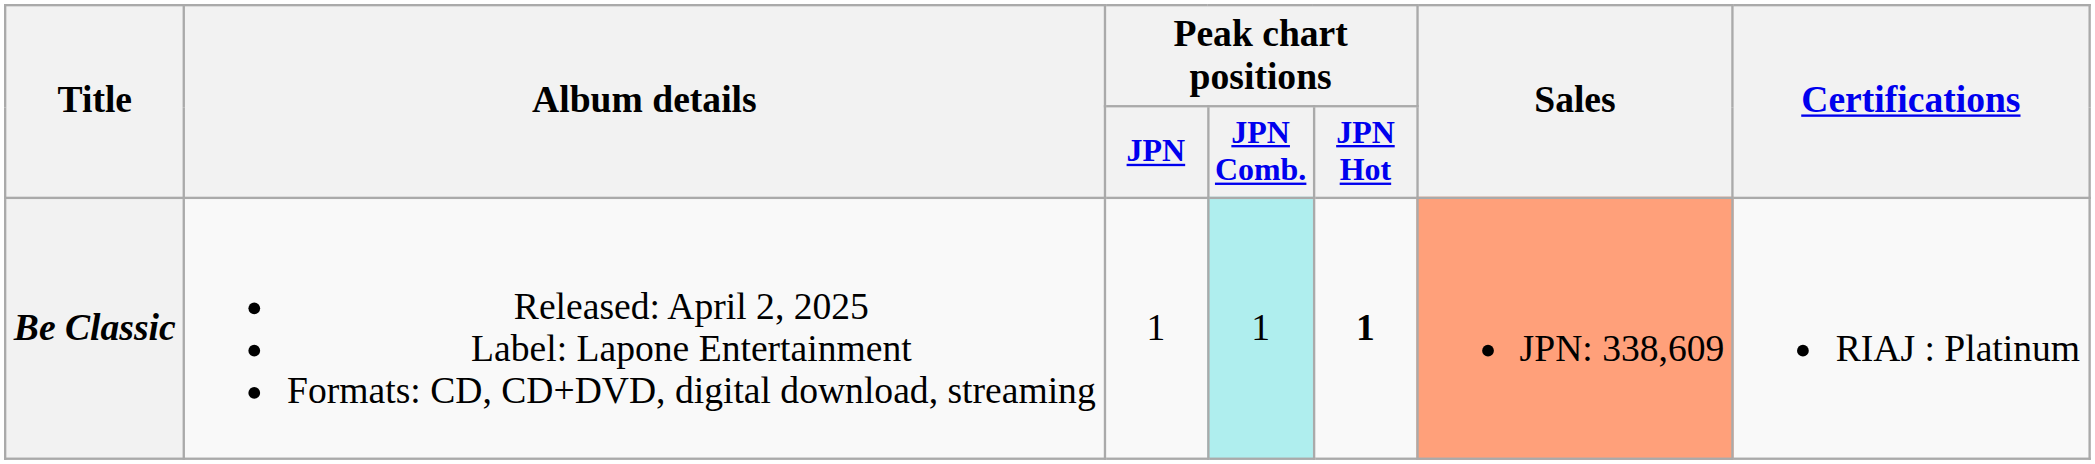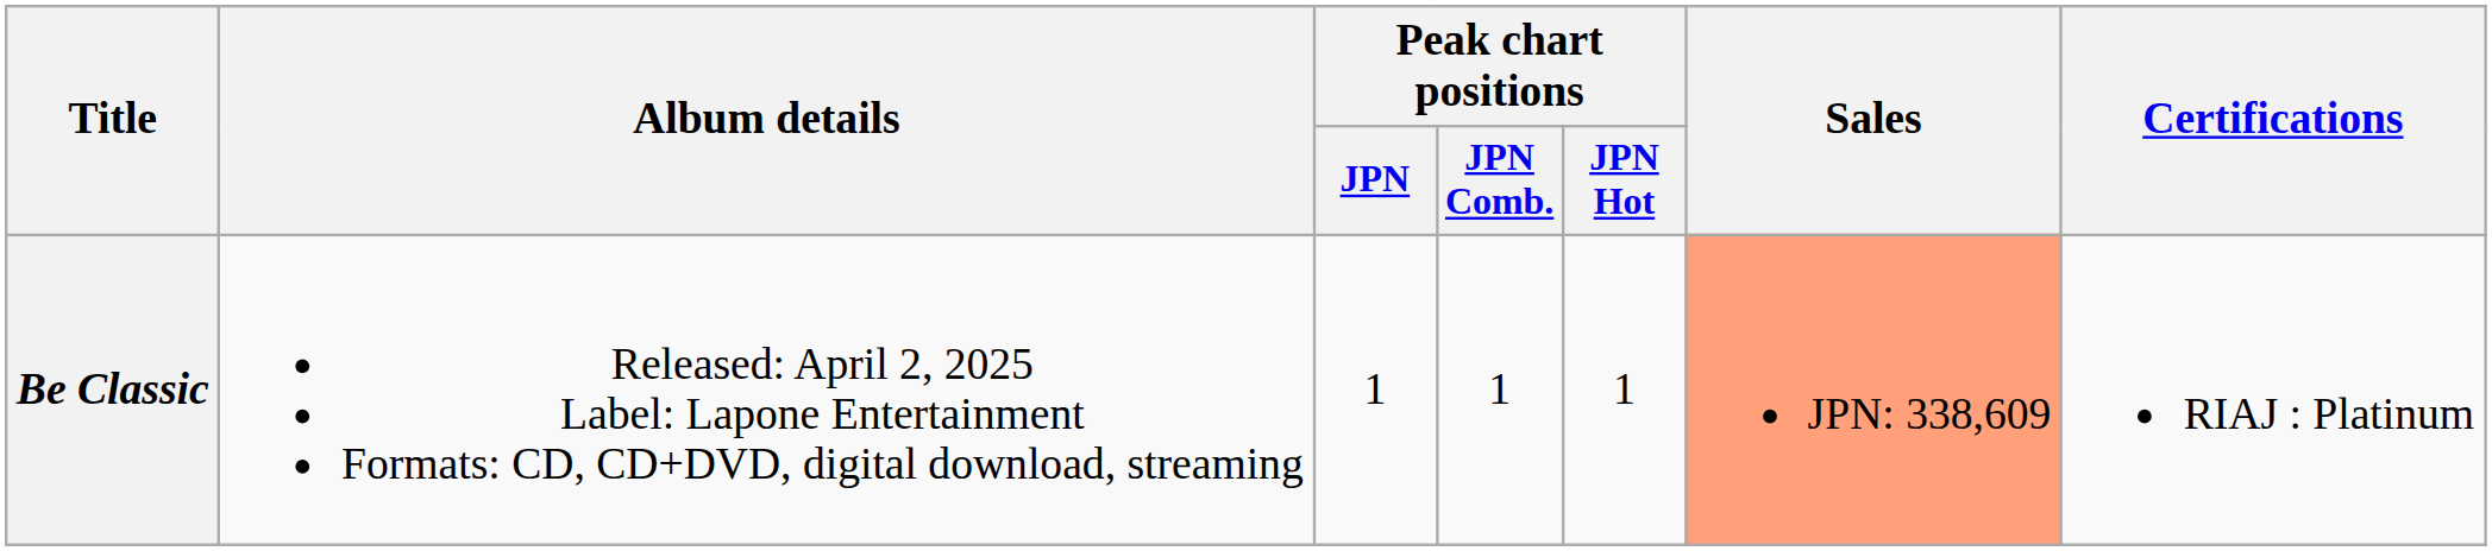 <table class="wikitable plainrowheaders" style="text-align:center;">
 <tr>
 <th scope="col" rowspan="2">Title</th>
 <th scope="col" rowspan="2">Album details</th>
 <th scope="col" colspan="3">Peak chart positions</th>
 <th scope="col" rowspan="2">Sales</th>
 <th scope="col" rowspan="2"><a href='#'>Certifications</a></th>
 </tr>
 <tr>
 <th scope="col" style="width:2.75em;font-size:85%;"><a href='#'>JPN</a><br></th>
 <th scope="col" style="width:2.75em;font-size:85%;"><a href='#'>JPN<br>Comb.</a><br></th>
 <th scope="col" style="width:2.75em;font-size:85%;"><a href='#'>JPN<br>Hot</a><br></th>
 </tr>
 <tr>
 <th scope="row"><em>Be Classic</em></th>
 <td><br><ul><li>Released: April 2, 2025 </li><li>Label: Lapone Entertainment</li><li>Formats: CD, CD+DVD, digital download, streaming</li></ul></td>
 <td>1</td>
-<td style="background: paleturquoise;">1</td>
-<td><strong>1</strong></td>
+<td>1</td>
+<td>1</td>
 <td style="background: lightsalmon;"><br><ul><li>JPN: 338,609</li></ul></td>
 <td><br><ul><li>RIAJ : Platinum</li></ul></td>
 </tr>
 </table>
